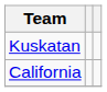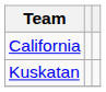 <table class="wikitable sortable plainrowheaders" style="font-size:100%; display:inline-table; margin-right:1em;">
 <tr>
 <th scope=col>Team</th>
 <th></th>
 <th></th>
 </tr>
 <tr>
-<td> <a href='#'>Kuskatan</a></td>
+<td> <a href='#'>California</a></td>
 <td></td>
 <td></td>
 </tr>
 <tr>
-<td> <a href='#'>California</a></td>
+<td> <a href='#'>Kuskatan</a></td>
 <td></td>
 <td></td>
 </tr>
 <tr>
 </tr>
 </table>
